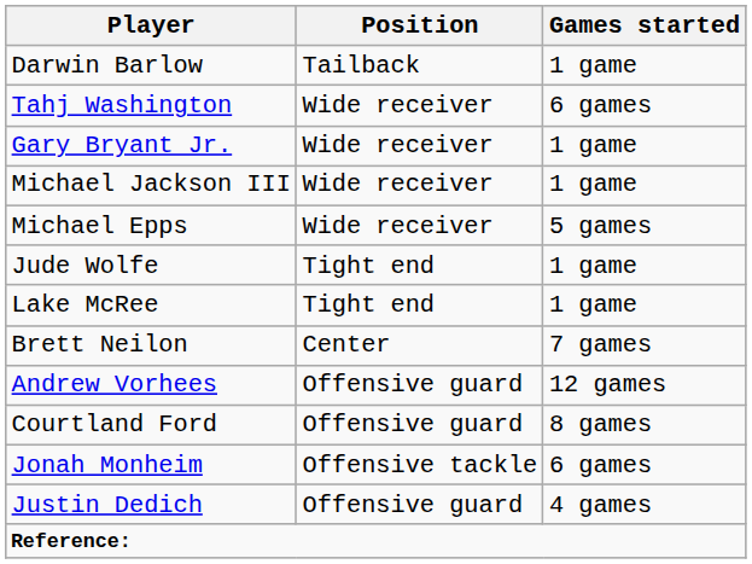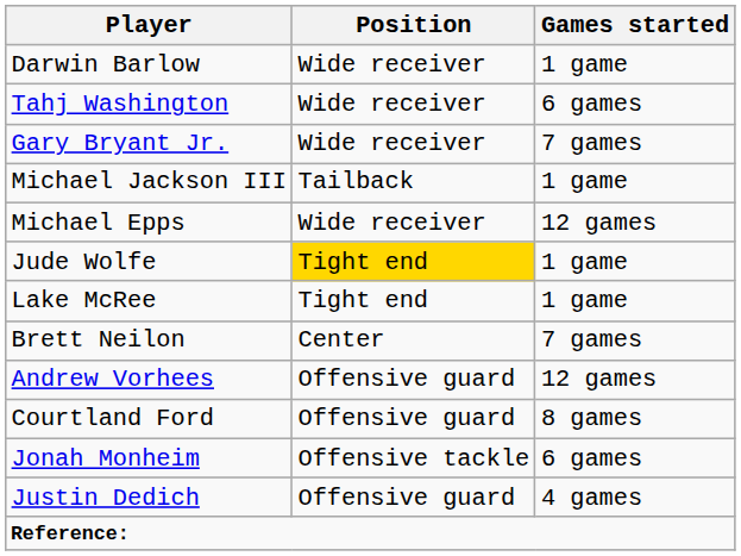 <table class="wikitable">
 <tr>
 <th style="text-align:center; ">Player</th>
 <th style="text-align:center; ">Position</th>
 <th style="text-align:center; ">Games started</th>
 </tr>
 <tr>
 <td>Darwin Barlow</td>
-<td>Tailback</td>
+<td>Wide receiver</td>
 <td>1 game</td>
 </tr>
 <tr>
 <td><a href='#'>Tahj Washington</a></td>
 <td>Wide receiver</td>
 <td>6 games</td>
 </tr>
 <tr>
 <td><a href='#'>Gary Bryant Jr.</a></td>
 <td>Wide receiver</td>
-<td>1 game</td>
+<td>7 games</td>
 </tr>
 <tr>
 <td>Michael Jackson III</td>
-<td>Wide receiver</td>
+<td>Tailback</td>
 <td>1 game</td>
 </tr>
 <tr>
 <td>Michael Epps</td>
 <td>Wide receiver</td>
-<td>5 games</td>
+<td>12 games</td>
 </tr>
 <tr>
 <td>Jude Wolfe</td>
-<td>Tight end</td>
+<td style="background: gold;">Tight end</td>
 <td>1 game</td>
 </tr>
 <tr>
 <td>Lake McRee</td>
 <td>Tight end</td>
 <td>1 game</td>
 </tr>
 <tr>
 <td>Brett Neilon</td>
 <td>Center</td>
 <td>7 games</td>
 </tr>
 <tr>
 <td><a href='#'>Andrew Vorhees</a></td>
 <td>Offensive guard</td>
 <td>12 games</td>
 </tr>
 <tr>
 <td>Courtland Ford</td>
 <td>Offensive guard</td>
 <td>8 games</td>
 </tr>
 <tr>
 <td><a href='#'>Jonah Monheim</a></td>
 <td>Offensive tackle</td>
 <td>6 games</td>
 </tr>
 <tr>
 <td><a href='#'>Justin Dedich</a></td>
 <td>Offensive guard</td>
 <td>4 games</td>
 </tr>
 <tr>
 <td colspan="4"  style="font-size:8pt; text-align:left;"><strong>Reference:</strong></td>
 </tr>
 </table>
